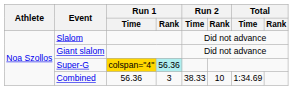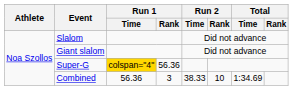 <table class="wikitable" style="font-size:90%">
 <tr>
 <th rowspan=2>Athlete</th>
 <th rowspan=2>Event</th>
 <th colspan=2>Run 1</th>
 <th colspan=2>Run 2</th>
 <th colspan=2>Total</th>
 </tr>
 <tr style="font-size:95%">
 <th>Time</th>
 <th>Rank</th>
 <th>Time</th>
 <th>Rank</th>
 <th>Time</th>
 <th>Rank</th>
 </tr>
 <tr align=center>
 <td align="left" rowspan="4"><a href='#'>Noa Szollos</a></td>
 <td align="left"><a href='#'>Slalom</a></td>
 <td colspan="2"></td>
 <td colspan="4">Did not advance</td>
 </tr>
 <tr align=center>
 <td align="left"><a href='#'>Giant slalom</a></td>
 <td colspan="2"></td>
 <td colspan="4">Did not advance</td>
 </tr>
 <tr align=center>
 <td align="left"><a href='#'>Super-G</a></td>
 <td style="background: gold;">colspan="4" </td>
-<td style="background: paleturquoise;">56.36</td>
+<td>56.36</td>
 <td></td>
 </tr>
 <tr align=center>
 <td align="left"><a href='#'>Combined</a></td>
 <td>56.36</td>
 <td>3</td>
 <td>38.33</td>
 <td>10</td>
 <td>1:34.69</td>
 <td></td>
 </tr>
 </table>
